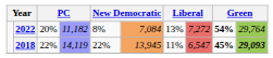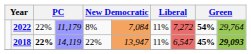 <table class="wikitable" style="float:right; width:400; font-size:90%; margin-left:1em;">
 <tr>
 <th colspan="2" scope="col">Year</th>
 <th colspan="2" scope="col"><a href='#'>PC</a></th>
 <th colspan="2" scope="col"><a href='#'>New Democratic</a></th>
 <th colspan="2" scope="col"><a href='#'>Liberal</a></th>
 <th colspan="2" scope="col"><a href='#'>Green</a></th>
 </tr>
 <tr>
 <td rowspan="2" style="width: 0.25em; background-color: "></td>
 <th><a href='#'>2022</a></th>
-<td>20%</td>
-<td style="text-align:right; background:#9999FF;"><em>11,182</em></td>
+<td>22%</td>
+<td style="text-align:right; background:#9999FF;"><em>11,179</em></td>
 <td>8%</td>
 <td style="text-align:right; background:#F4A460;"><em>7,084</em></td>
-<td>13%</td>
+<td>11%</td>
 <td style="text-align:right; background:#EA6D6A;"><em>7,272</em></td>
 <td><strong>54%</strong></td>
 <td style="text-align:right; background:#99C955;"><em>29,764</em></td>
 </tr>
 <tr>
 <th><a href='#'>2018</a></th>
-<td>22%</td>
+<td><strong>22%</strong></td>
 <td style="text-align:right; background:#9999FF;"><em>14,119</em></td>
 <td>22%</td>
-<td style="text-align:right; background:#F4A460;"><em>13,945</em></td>
+<td style="text-align:right; background:#F4A460;"><em>13,947</em></td>
 <td>11%</td>
 <td style="text-align:right; background:#EA6D6A;"><em>6,547</em></td>
 <td><strong>45%</strong></td>
 <td style="text-align:right; background:#99C955;"><strong><em>29,093</em></strong></td>
 </tr>
 <tr>
 </tr>
 </table>
